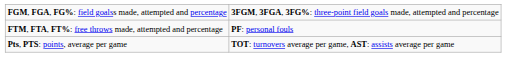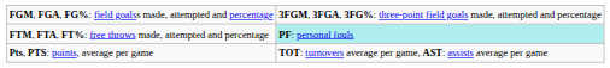 <table table align=center class="wikitable" style="margin: auto">
 <tr>
 <td><small><strong>FGM</strong>, <strong>FGA</strong>, <strong>FG%</strong>: <a href='#'>field goals</a>s made, attempted and <a href='#'>percentage</a></small></td>
 <td><small><strong>3FGM</strong>, <strong>3FGA</strong>, <strong>3FG%</strong>: <a href='#'>three-point field goals</a> made, attempted and percentage</small></td>
 </tr>
 <tr>
 <td><small><strong>FTM</strong>, <strong>FTA</strong>, <strong>FT%</strong>: <a href='#'>free throws</a> made, attempted and percentage</small></td>
-<td><small><strong>PF</strong>: <a href='#'>personal fouls</a></small></td>
+<td style="background: paleturquoise;"><small><strong>PF</strong>: <a href='#'>personal fouls</a></small></td>
 </tr>
 <tr>
 <td><small><strong>Pts</strong>, <strong>PTS</strong>: <a href='#'>points</a>, average per game</small></td>
 <td><small><strong>TOT</strong>: <a href='#'>turnovers</a> average per game, <strong>AST</strong>: <a href='#'>assists</a> average per game</small></td>
 </tr>
 </table>
